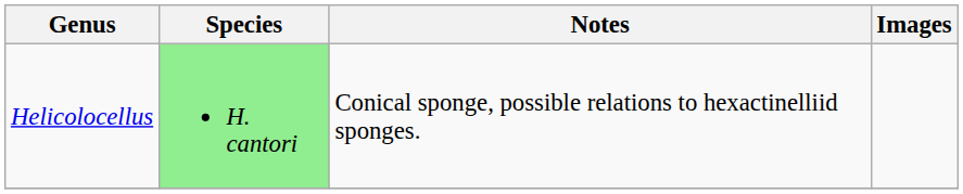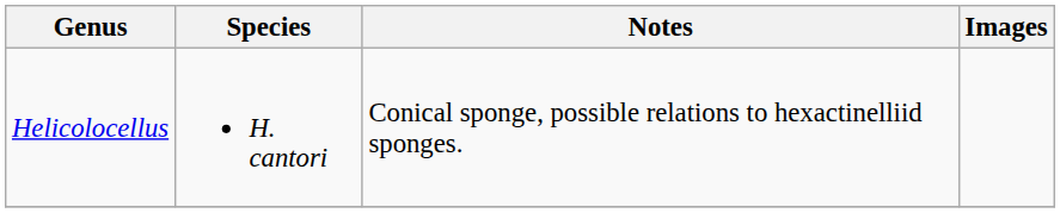 <table class="wikitable" style="width:70%;">
 <tr>
 <th>Genus</th>
 <th>Species</th>
 <th>Notes</th>
 <th>Images</th>
 </tr>
 <tr>
 <td><em><a href='#'>Helicolocellus</a></em></td>
-<td style="background: lightgreen;"><br><ul><li><em>H. cantori</em></li></ul></td>
+<td><br><ul><li><em>H. cantori</em></li></ul></td>
 <td>Conical sponge, possible relations to hexactinelliid sponges.</td>
 <td></td>
 </tr>
 <tr>
 </tr>
 </table>
